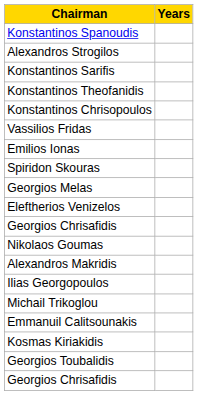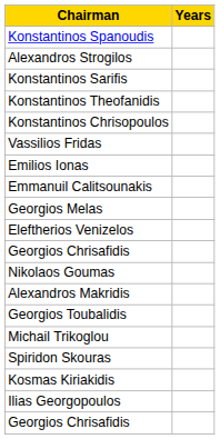 <table class="wikitable" style="text-align: left; background:white; color:black">
 <tr>
 <th style="color:black; background:#FFD700;">Chairman</th>
 <th style="color:black; background:#FFD700;">Years</th>
 </tr>
 <tr>
 <td> <a href='#'>Konstantinos Spanoudis</a></td>
 <td></td>
 </tr>
 <tr>
 <td> Alexandros Strogilos</td>
 <td></td>
 </tr>
 <tr>
 <td> Konstantinos Sarifis</td>
 <td></td>
 </tr>
 <tr>
 <td> Konstantinos Theofanidis</td>
 <td></td>
 </tr>
 <tr>
 <td> Konstantinos Chrisopoulos</td>
 <td></td>
 </tr>
 <tr>
 <td> Vassilios Fridas</td>
 <td></td>
 </tr>
 <tr>
 <td> Emilios Ionas</td>
 <td></td>
 </tr>
 <tr>
-<td> Spiridon Skouras</td>
+<td> Emmanuil Calitsounakis</td>
 <td></td>
 </tr>
 <tr>
 <td> Georgios Melas</td>
 <td></td>
 </tr>
 <tr>
 <td> Eleftherios Venizelos</td>
 <td></td>
 </tr>
 <tr>
 <td> Georgios Chrisafidis</td>
 <td></td>
 </tr>
 <tr>
 <td> Nikolaos Goumas</td>
 <td></td>
 </tr>
 <tr>
 <td> Alexandros Makridis</td>
 <td></td>
 </tr>
 <tr>
-<td> Ilias Georgopoulos</td>
+<td> Georgios Toubalidis</td>
 <td></td>
 </tr>
 <tr>
 <td> Michail Trikoglou</td>
 <td></td>
 </tr>
 <tr>
-<td> Emmanuil Calitsounakis</td>
+<td> Spiridon Skouras</td>
 <td></td>
 </tr>
 <tr>
 <td> Kosmas Kiriakidis</td>
 <td></td>
 </tr>
 <tr>
-<td> Georgios Toubalidis</td>
+<td> Ilias Georgopoulos</td>
 <td></td>
 </tr>
 <tr>
 <td> Georgios Chrisafidis</td>
 <td></td>
 </tr>
 </table>
